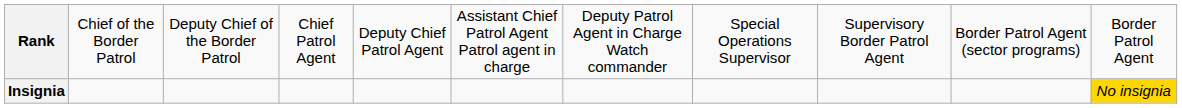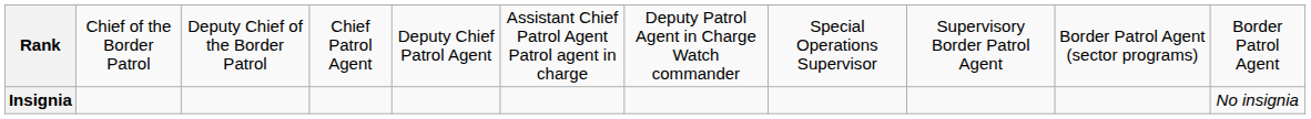 <table class="wikitable">
 <tr style="text-align:center;">
 <th>Rank</th>
 <td>Chief of the Border Patrol</td>
 <td>Deputy Chief of the Border Patrol</td>
 <td>Chief Patrol Agent</td>
 <td>Deputy Chief Patrol Agent</td>
 <td>Assistant Chief Patrol Agent<br>Patrol agent in charge</td>
 <td>Deputy Patrol Agent in Charge<br>Watch commander</td>
 <td>Special Operations Supervisor</td>
 <td>Supervisory Border Patrol Agent</td>
 <td>Border Patrol Agent (sector programs)</td>
 <td>Border Patrol Agent</td>
 </tr>
 <tr style="text-align:center;">
 <th>Insignia</th>
 <td></td>
 <td></td>
 <td></td>
 <td></td>
 <td></td>
 <td></td>
 <td></td>
 <td></td>
 <td></td>
-<td style="background: gold;"><em>No insignia</em></td>
+<td><em>No insignia</em></td>
 </tr>
 </table>
